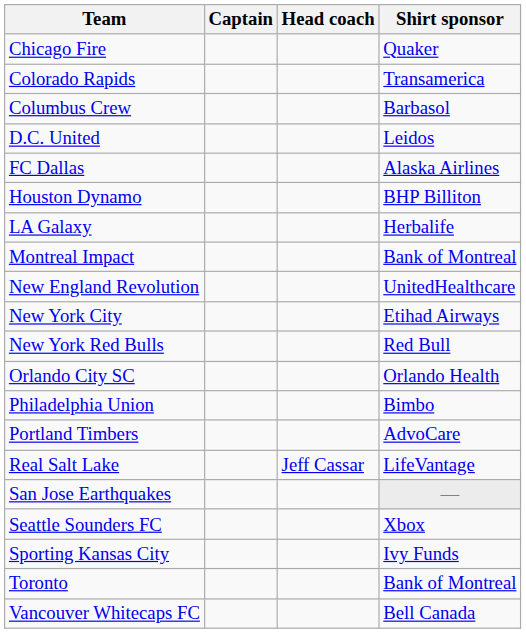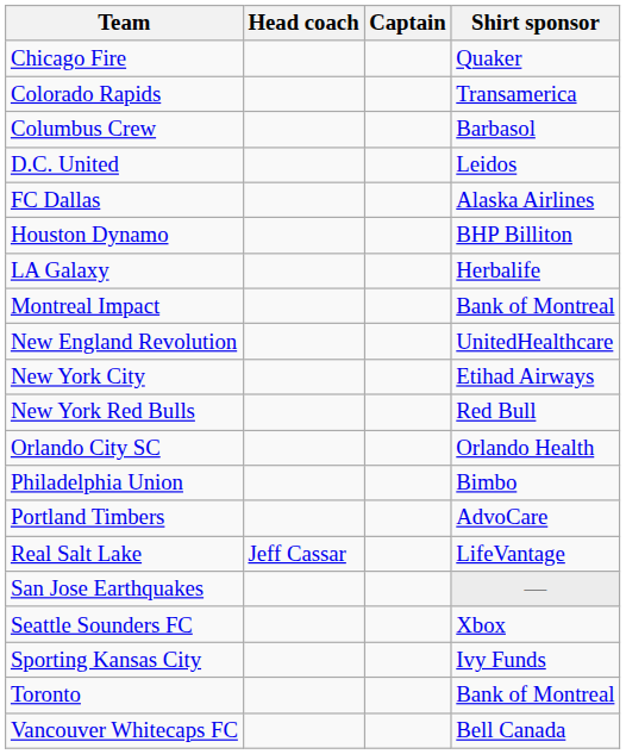 <table class="wikitable sortable" style="text-align: left;">
 <tr>
 <th>Team</th>
+<th>Head coach</th>
 <th>Captain</th>
-<th>Head coach</th>
 <th>Shirt sponsor</th>
 </tr>
 <tr>
 <td><a href='#'>Chicago Fire</a></td>
 <td> </td>
 <td> </td>
 <td><a href='#'>Quaker</a></td>
 </tr>
 <tr>
 <td><a href='#'>Colorado Rapids</a></td>
 <td> </td>
 <td> </td>
 <td><a href='#'>Transamerica</a></td>
 </tr>
 <tr>
 <td><a href='#'>Columbus Crew</a></td>
 <td> </td>
 <td> </td>
 <td><a href='#'>Barbasol</a></td>
 </tr>
 <tr>
 <td><a href='#'>D.C. United</a></td>
 <td> </td>
 <td> </td>
 <td><a href='#'>Leidos</a></td>
 </tr>
 <tr>
 <td><a href='#'>FC Dallas</a></td>
 <td> </td>
 <td> </td>
 <td><a href='#'>Alaska Airlines</a></td>
 </tr>
 <tr>
 <td><a href='#'>Houston Dynamo</a></td>
 <td> </td>
 <td> </td>
 <td><a href='#'>BHP Billiton</a></td>
 </tr>
 <tr>
 <td><a href='#'>LA Galaxy</a></td>
 <td> </td>
 <td> </td>
 <td><a href='#'>Herbalife</a></td>
 </tr>
 <tr>
 <td><a href='#'>Montreal Impact</a></td>
 <td> </td>
 <td> </td>
 <td><a href='#'>Bank of Montreal</a></td>
 </tr>
 <tr>
 <td><a href='#'>New England Revolution</a></td>
 <td> </td>
 <td> </td>
 <td><a href='#'>UnitedHealthcare</a></td>
 </tr>
 <tr>
 <td><a href='#'>New York City</a></td>
 <td> </td>
 <td> </td>
 <td><a href='#'>Etihad Airways</a></td>
 </tr>
 <tr>
 <td><a href='#'>New York Red Bulls</a></td>
 <td> </td>
 <td> </td>
 <td><a href='#'>Red Bull</a></td>
 </tr>
 <tr>
 <td><a href='#'>Orlando City SC</a></td>
 <td> </td>
 <td> </td>
 <td><a href='#'>Orlando Health</a></td>
 </tr>
 <tr>
 <td><a href='#'>Philadelphia Union</a></td>
 <td> </td>
 <td> </td>
 <td><a href='#'>Bimbo</a></td>
 </tr>
 <tr>
 <td><a href='#'>Portland Timbers</a></td>
 <td> </td>
 <td> </td>
 <td><a href='#'>AdvoCare</a></td>
 </tr>
 <tr>
 <td><a href='#'>Real Salt Lake</a></td>
+<td> <a href='#'>Jeff Cassar</a></td>
 <td> </td>
-<td> <a href='#'>Jeff Cassar</a></td>
 <td><a href='#'>LifeVantage</a></td>
 </tr>
 <tr>
 <td><a href='#'>San Jose Earthquakes</a></td>
 <td> </td>
 <td> </td>
 <td align="center" style="background:#ececec; color:gray">—</td>
 </tr>
 <tr>
 <td><a href='#'>Seattle Sounders FC</a></td>
 <td> </td>
 <td> </td>
 <td><a href='#'>Xbox</a></td>
 </tr>
 <tr>
 <td><a href='#'>Sporting Kansas City</a></td>
 <td> </td>
 <td> </td>
 <td><a href='#'>Ivy Funds</a></td>
 </tr>
 <tr>
 <td><a href='#'>Toronto</a></td>
 <td> </td>
 <td> </td>
 <td><a href='#'>Bank of Montreal</a></td>
 </tr>
 <tr>
 <td><a href='#'>Vancouver Whitecaps FC</a></td>
 <td> </td>
 <td> </td>
 <td><a href='#'>Bell Canada</a></td>
 </tr>
 </table>
